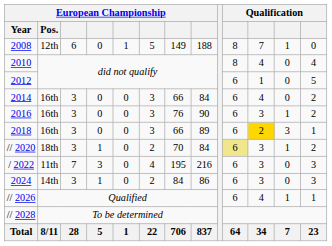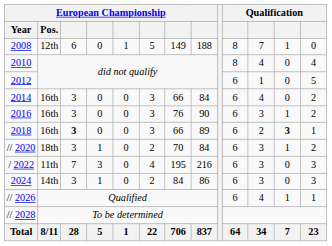 <table class="wikitable" style="text-align: center;font-size:90%;">
 <tr>
 <th colspan=8><a href='#'>European Championship</a></th>
 <th rowspan=14></th>
 <th colspan=4>Qualification</th>
 </tr>
 <tr>
 <th>Year</th>
 <th>Pos.</th>
 <th width=30></th>
 <th width=30></th>
 <th width=30></th>
 <th width=30></th>
 <th width=30></th>
 <th width=30></th>
 <th width=30></th>
 <th width=30></th>
 <th width=30></th>
 <th width=30></th>
 </tr>
 <tr>
 <td> <a href='#'>2008</a></td>
 <td>12th</td>
 <td>6</td>
 <td>0</td>
 <td>1</td>
 <td>5</td>
 <td>149</td>
 <td>188</td>
 <td>8</td>
 <td>7</td>
 <td>1</td>
 <td>0</td>
 </tr>
 <tr>
 <td> <a href='#'>2010</a></td>
 <td colspan=7 rowspan=2><em>did not qualify</em></td>
 <td>8</td>
 <td>4</td>
 <td>0</td>
 <td>4</td>
 </tr>
 <tr>
 <td> <a href='#'>2012</a></td>
 <td>6</td>
 <td>1</td>
 <td>0</td>
 <td>5</td>
 </tr>
 <tr>
 <td> <a href='#'>2014</a></td>
 <td>16th</td>
 <td>3</td>
 <td>0</td>
 <td>0</td>
 <td>3</td>
 <td>66</td>
 <td>84</td>
 <td>6</td>
 <td>4</td>
 <td>0</td>
 <td>2</td>
 </tr>
 <tr>
 <td> <a href='#'>2016</a></td>
 <td>16th</td>
 <td>3</td>
 <td>0</td>
 <td>0</td>
 <td>3</td>
 <td>76</td>
 <td>90</td>
 <td>6</td>
 <td>3</td>
 <td>1</td>
 <td>2</td>
 </tr>
 <tr>
 <td> <a href='#'>2018</a></td>
 <td>16th</td>
-<td>3</td>
+<td><strong>3</strong></td>
 <td>0</td>
 <td>0</td>
 <td>3</td>
 <td>66</td>
 <td>89</td>
 <td>6</td>
-<td style="background: gold;">2</td>
-<td>3</td>
+<td>2</td>
+<td><strong>3</strong></td>
 <td>1</td>
 </tr>
 <tr>
 <td>// <a href='#'>2020</a></td>
 <td>18th</td>
 <td>3</td>
 <td>1</td>
 <td>0</td>
 <td>2</td>
 <td>70</td>
 <td>84</td>
-<td style="background: khaki;">6</td>
+<td>6</td>
 <td>3</td>
 <td>1</td>
 <td>2</td>
 </tr>
 <tr>
 <td>/ <a href='#'>2022</a></td>
 <td>11th</td>
 <td>7</td>
 <td>3</td>
 <td>0</td>
 <td>4</td>
 <td>195</td>
 <td>216</td>
 <td>6</td>
 <td>3</td>
 <td>0</td>
 <td>3</td>
 </tr>
 <tr>
 <td> <a href='#'>2024</a></td>
 <td>14th</td>
 <td>3</td>
 <td>1</td>
 <td>0</td>
 <td>2</td>
 <td>84</td>
 <td>86</td>
 <td>6</td>
 <td>3</td>
 <td>0</td>
 <td>3</td>
 </tr>
 <tr>
 <td>// <a href='#'>2026</a></td>
 <td colspan="7"><em>Qualified</em></td>
 <td>6</td>
 <td>4</td>
 <td>1</td>
 <td>1</td>
 </tr>
 <tr>
 <td>// <a href='#'>2028</a></td>
 <td colspan="7"><em>To be determined</em></td>
 </tr>
 <tr>
 <th>Total</th>
 <th>8/11</th>
 <th>28</th>
 <th>5</th>
 <th>1</th>
 <th>22</th>
 <th>706</th>
 <th>837</th>
 <th>64</th>
 <th>34</th>
 <th>7</th>
 <th>23</th>
 </tr>
 </table>
